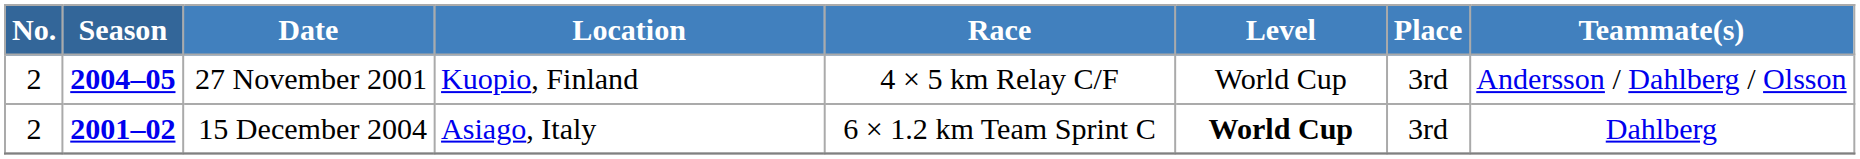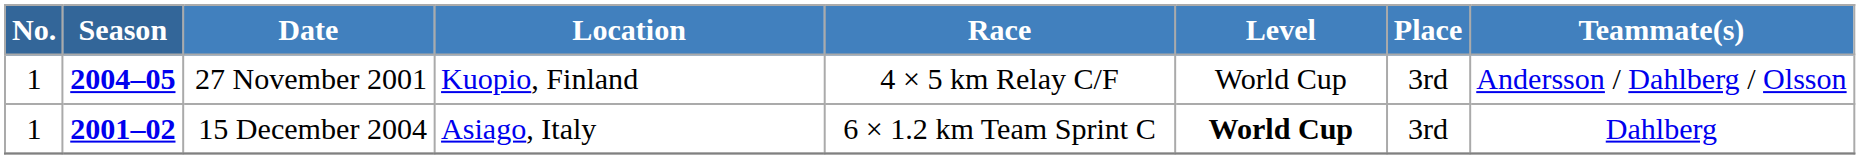 <table class="wikitable sortable" style="font-size:95%; text-align:center; border:grey solid 1px; border-collapse:collapse; background:#ffffff;">
 <tr style="background:#efefef;">
 <th style="background-color:#369; color:white;">No.</th>
 <th style="background-color:#369; color:white;">Season</th>
 <th style="background-color:#4180be; color:white; width:120px;">Date</th>
 <th style="background-color:#4180be; color:white; width:190px;">Location</th>
 <th style="background-color:#4180be; color:white; width:170px;">Race</th>
 <th style="background-color:#4180be; color:white; width:100px;">Level</th>
 <th style="background-color:#4180be; color:white;">Place</th>
 <th style="background-color:#4180be; color:white;">Teammate(s)</th>
 </tr>
 <tr>
-<td align=center>2</td>
+<td align=center>1</td>
 <td rowspan=1 align=center><strong><a href='#'>2004–05</a></strong></td>
 <td align=right>27 November 2001</td>
 <td align=left> <a href='#'>Kuopio</a>, Finland</td>
 <td>4 × 5 km Relay C/F</td>
 <td>World Cup</td>
 <td>3rd</td>
 <td><a href='#'>Andersson</a> / <a href='#'>Dahlberg</a> / <a href='#'>Olsson</a></td>
 </tr>
 <tr>
-<td align=center>2</td>
+<td align=center>1</td>
 <td rowspan=1 align=center><strong><a href='#'>2001–02</a></strong></td>
 <td align=right>15 December 2004</td>
 <td align=left> <a href='#'>Asiago</a>, Italy</td>
 <td>6 × 1.2 km Team Sprint C</td>
 <td><strong>World Cup</strong></td>
 <td>3rd</td>
 <td><a href='#'>Dahlberg</a></td>
 </tr>
 <tr>
 </tr>
 </table>
